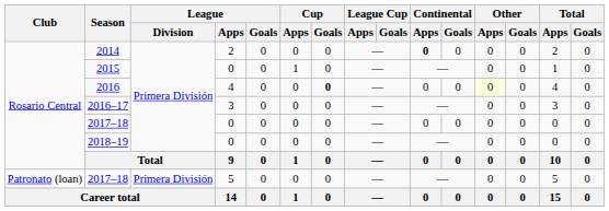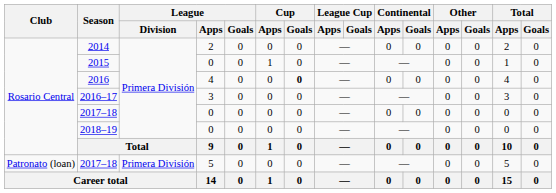 <table class="wikitable" style="text-align:center">
 <tr>
 <th rowspan="2">Club</th>
 <th rowspan="2">Season</th>
 <th colspan="3">League</th>
 <th colspan="2">Cup</th>
 <th colspan="2">League Cup</th>
 <th colspan="2">Continental</th>
 <th colspan="2">Other</th>
 <th colspan="2">Total</th>
 </tr>
 <tr>
 <th>Division</th>
 <th>Apps</th>
 <th>Goals</th>
 <th>Apps</th>
 <th>Goals</th>
 <th>Apps</th>
 <th>Goals</th>
 <th>Apps</th>
 <th>Goals</th>
 <th>Apps</th>
 <th>Goals</th>
 <th>Apps</th>
 <th>Goals</th>
 </tr>
 <tr>
 <td rowspan="7"><a href='#'>Rosario Central</a></td>
 <td><a href='#'>2014</a></td>
 <td rowspan="6"><a href='#'>Primera División</a></td>
 <td>2</td>
 <td>0</td>
 <td>0</td>
 <td>0</td>
 <td colspan="2">—</td>
-<td><strong>0</strong></td>
+<td>0</td>
 <td>0</td>
 <td>0</td>
 <td>0</td>
 <td>2</td>
 <td>0</td>
 </tr>
 <tr>
 <td><a href='#'>2015</a></td>
 <td>0</td>
 <td>0</td>
 <td>1</td>
 <td>0</td>
 <td colspan="2">—</td>
 <td colspan="2">—</td>
 <td>0</td>
 <td>0</td>
 <td>1</td>
 <td>0</td>
 </tr>
 <tr>
 <td><a href='#'>2016</a></td>
 <td>4</td>
 <td>0</td>
 <td>0</td>
 <td><strong>0</strong></td>
 <td colspan="2">—</td>
 <td>0</td>
 <td>0</td>
-<td style="background: lightyellow;">0</td>
+<td>0</td>
 <td>0</td>
 <td>4</td>
 <td>0</td>
 </tr>
 <tr>
 <td><a href='#'>2016–17</a></td>
 <td>3</td>
 <td>0</td>
 <td>0</td>
 <td>0</td>
 <td colspan="2">—</td>
 <td colspan="2">—</td>
 <td>0</td>
 <td>0</td>
 <td>3</td>
 <td>0</td>
 </tr>
 <tr>
 <td><a href='#'>2017–18</a></td>
 <td>0</td>
 <td>0</td>
 <td>0</td>
 <td>0</td>
 <td colspan="2">—</td>
 <td>0</td>
 <td>0</td>
 <td>0</td>
 <td>0</td>
 <td>0</td>
 <td>0</td>
 </tr>
 <tr>
 <td><a href='#'>2018–19</a></td>
 <td>0</td>
 <td>0</td>
 <td>0</td>
 <td>0</td>
 <td colspan="2">—</td>
 <td colspan="2">—</td>
 <td>0</td>
 <td>0</td>
 <td>0</td>
 <td>0</td>
 </tr>
 <tr>
 <th colspan="2">Total</th>
 <th>9</th>
 <th>0</th>
 <th>1</th>
 <th>0</th>
 <th colspan="2">—</th>
 <th>0</th>
 <th>0</th>
 <th>0</th>
 <th>0</th>
 <th>10</th>
 <th>0</th>
 </tr>
 <tr>
 <td rowspan="1"><a href='#'>Patronato</a> (loan)</td>
 <td><a href='#'>2017–18</a></td>
 <td rowspan="1"><a href='#'>Primera División</a></td>
 <td>5</td>
 <td>0</td>
 <td>0</td>
 <td>0</td>
 <td colspan="2">—</td>
 <td colspan="2">—</td>
 <td>0</td>
 <td>0</td>
 <td>5</td>
 <td>0</td>
 </tr>
 <tr>
 <th colspan="3">Career total</th>
 <th>14</th>
 <th>0</th>
 <th>1</th>
 <th>0</th>
 <th colspan="2">—</th>
 <th>0</th>
 <th>0</th>
 <th>0</th>
 <th>0</th>
 <th>15</th>
 <th>0</th>
 </tr>
 </table>
